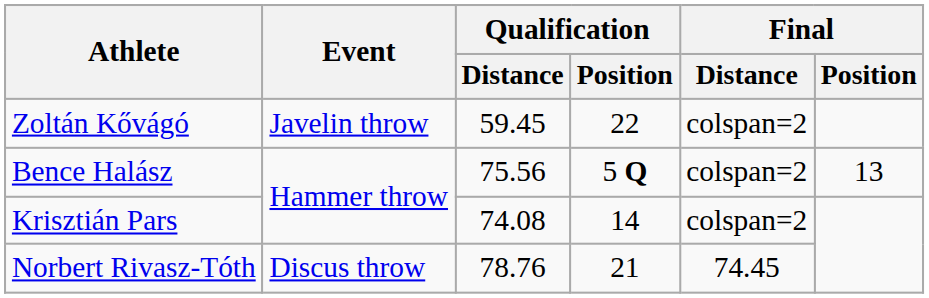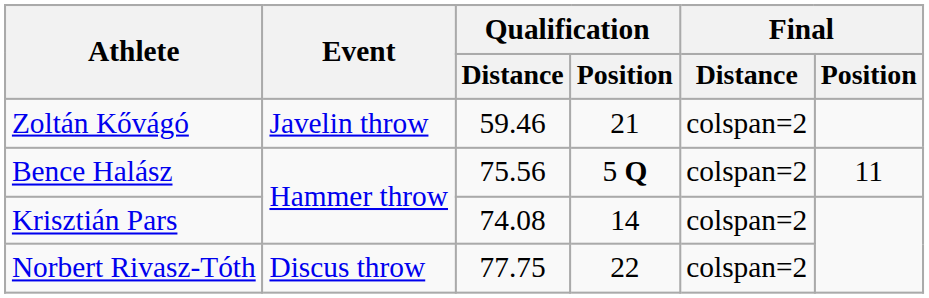 <table class=wikitable style="font-size:90%">
 <tr>
 <th rowspan="2">Athlete</th>
 <th rowspan="2">Event</th>
 <th colspan="2">Qualification</th>
 <th colspan="2">Final</th>
 </tr>
 <tr style="font-size:95%">
 <th>Distance</th>
 <th>Position</th>
 <th>Distance</th>
 <th>Position</th>
 </tr>
 <tr style=text-align:center>
 <td style=text-align:left><a href='#'>Zoltán Kővágó</a></td>
 <td style=text-align:left><a href='#'>Javelin throw</a></td>
-<td>59.45</td>
-<td>22</td>
+<td>59.46</td>
+<td>21</td>
 <td>colspan=2 </td>
 </tr>
 <tr style=text-align:center>
 <td style=text-align:left><a href='#'>Bence Halász</a></td>
 <td style=text-align:left rowspan=2><a href='#'>Hammer throw</a></td>
 <td>75.56</td>
 <td>5 <strong>Q</strong></td>
 <td>colspan=2 </td>
-<td>13</td>
+<td>11</td>
 </tr>
 <tr style=text-align:center>
 <td style=text-align:left><a href='#'>Krisztián Pars</a></td>
 <td>74.08</td>
 <td>14</td>
 <td>colspan=2 </td>
 </tr>
 <tr style=text-align:center>
 <td style=text-align:left><a href='#'>Norbert Rivasz-Tóth</a></td>
 <td style=text-align:left><a href='#'>Discus throw</a></td>
-<td>78.76</td>
-<td>21</td>
-<td>74.45</td>
+<td>77.75</td>
+<td>22</td>
+<td>colspan=2 </td>
 </tr>
 </table>
